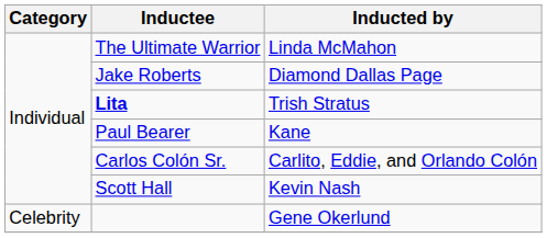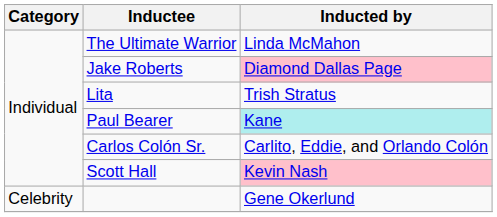 <table class="wikitable">
 <tr>
 <th>Category</th>
 <th>Inductee</th>
 <th>Inducted by</th>
 </tr>
 <tr>
 <td rowspan="6">Individual</td>
 <td><a href='#'>The Ultimate Warrior</a></td>
 <td><a href='#'>Linda McMahon</a></td>
 </tr>
 <tr>
 <td><a href='#'>Jake Roberts</a></td>
-<td><a href='#'>Diamond Dallas Page</a></td>
+<td style="background: pink;"><a href='#'>Diamond Dallas Page</a></td>
 </tr>
 <tr>
-<td><strong><a href='#'>Lita</a></strong></td>
+<td><a href='#'>Lita</a></td>
 <td><a href='#'>Trish Stratus</a></td>
 </tr>
 <tr>
 <td><a href='#'>Paul Bearer</a></td>
-<td><a href='#'>Kane</a></td>
+<td style="background: paleturquoise;"><a href='#'>Kane</a></td>
 </tr>
 <tr>
 <td><a href='#'>Carlos Colón Sr.</a></td>
 <td><a href='#'>Carlito</a>, <a href='#'>Eddie</a>, and <a href='#'>Orlando Colón</a></td>
 </tr>
 <tr>
 <td><a href='#'>Scott Hall</a></td>
-<td><a href='#'>Kevin Nash</a></td>
+<td style="background: pink;"><a href='#'>Kevin Nash</a></td>
 </tr>
 <tr>
 <td>Celebrity</td>
 <td></td>
 <td><a href='#'>Gene Okerlund</a></td>
 </tr>
 <tr>
 </tr>
 </table>
